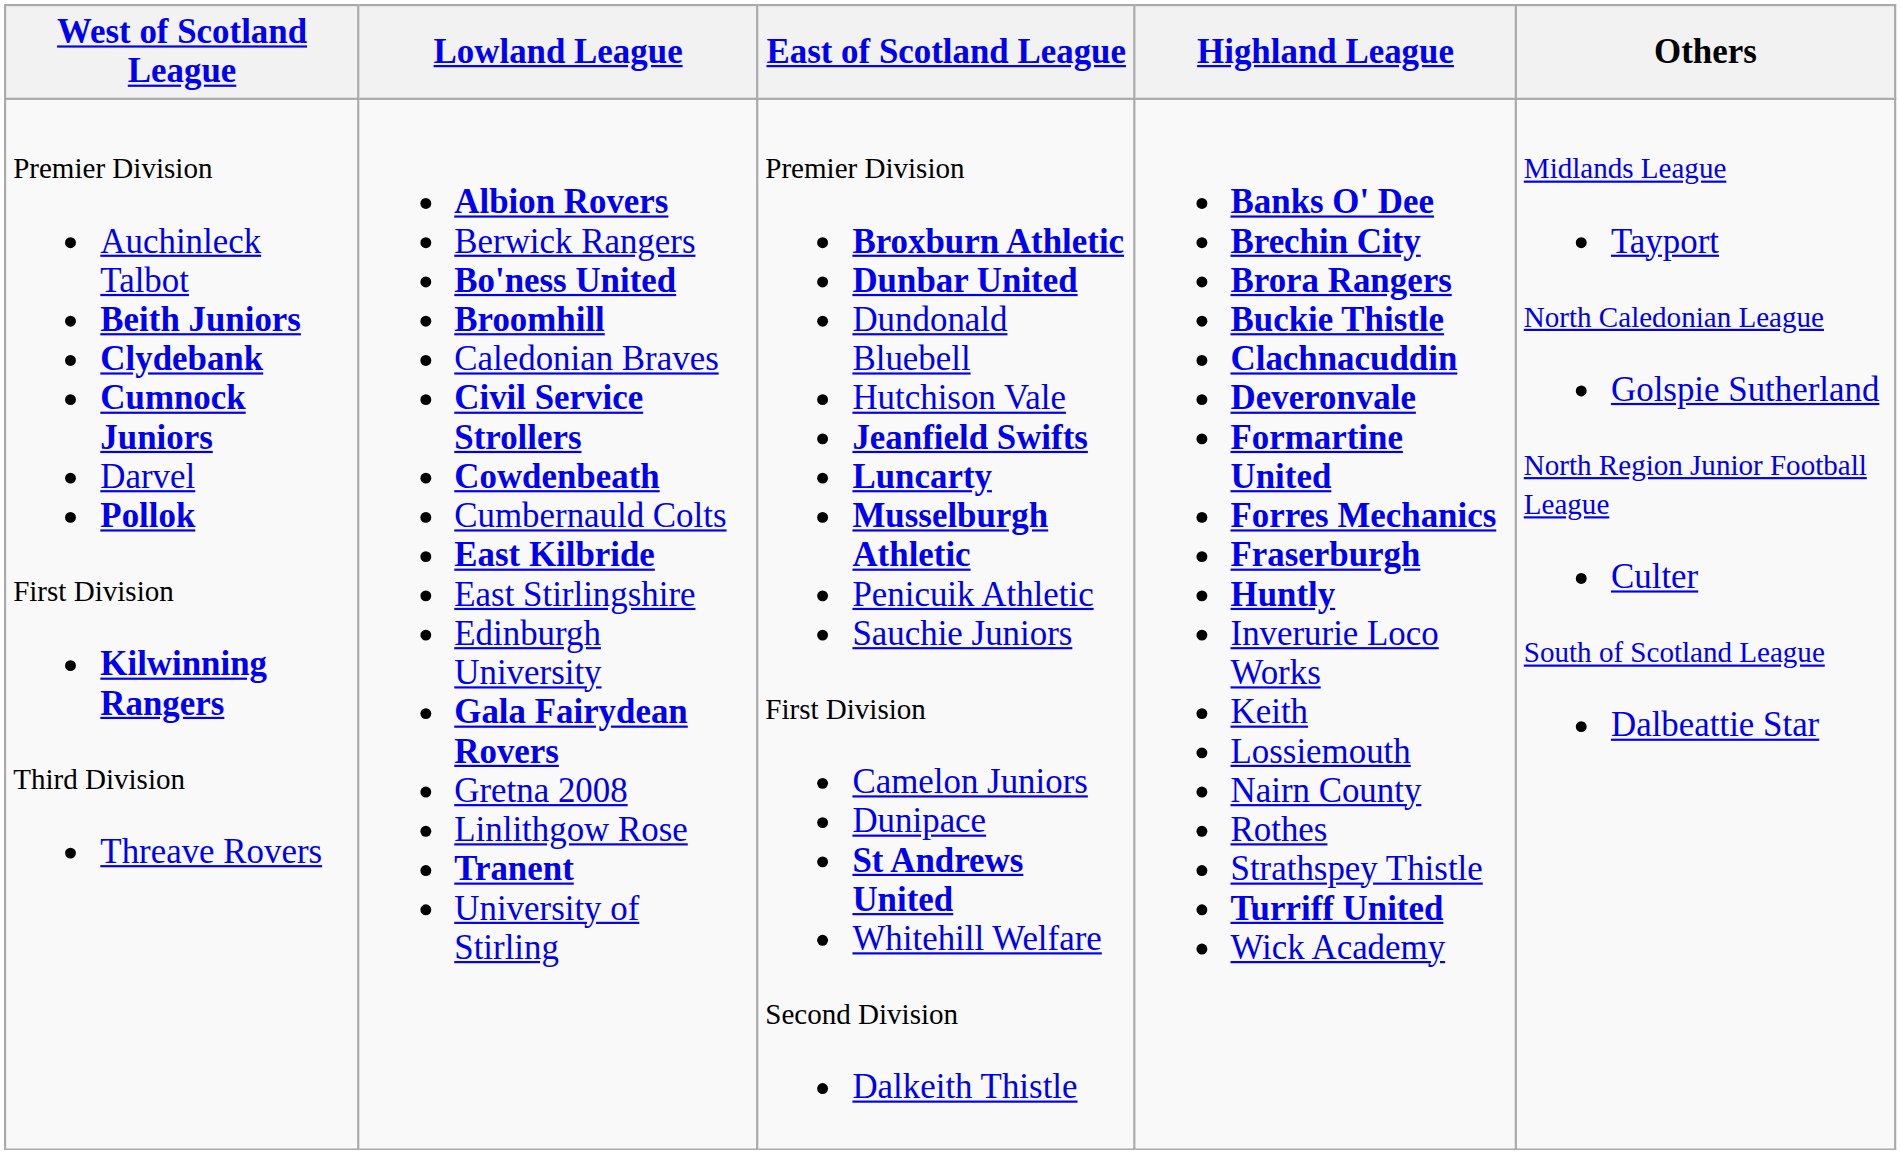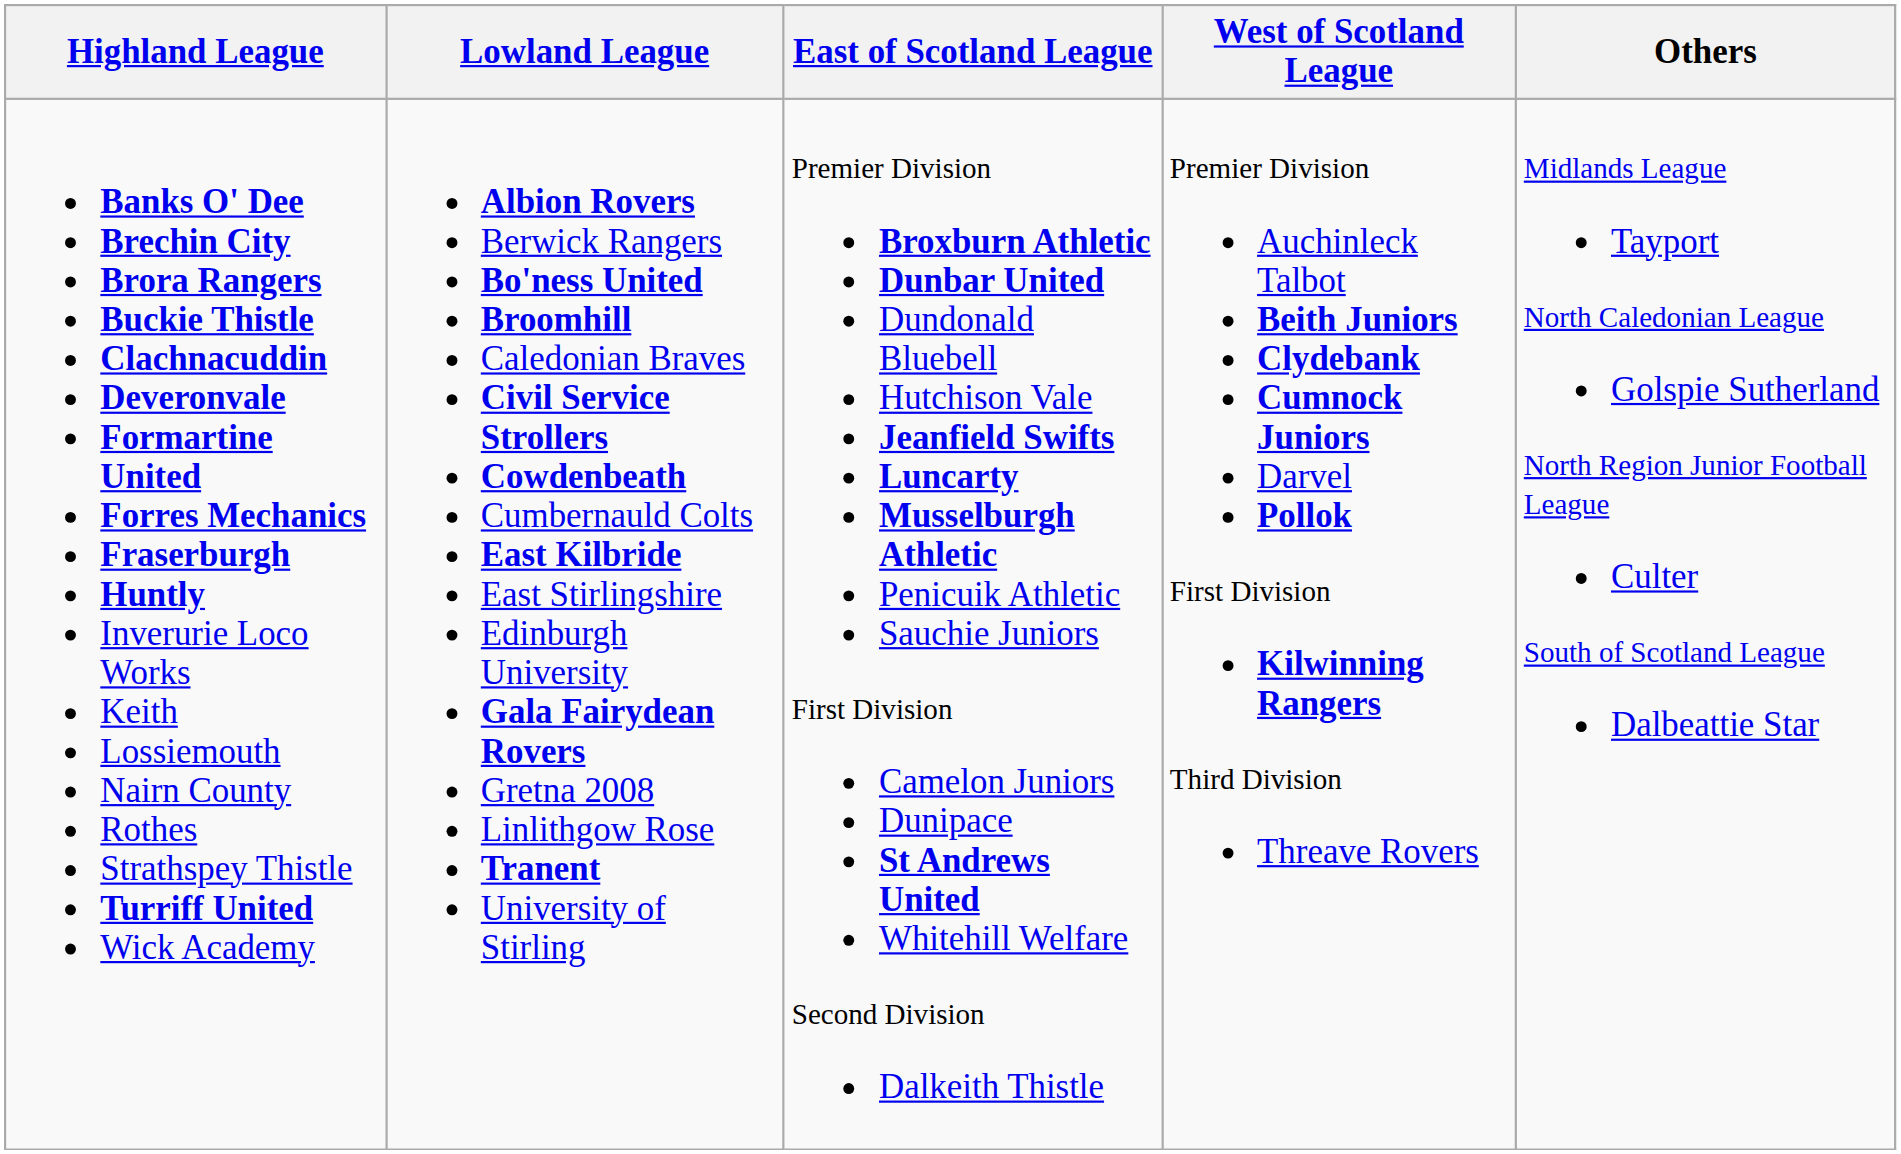 <table class="wikitable" style="text-align:left">
 <tr>
-<th><a href='#'>West of Scotland League</a></th>
+<th><a href='#'>Highland League</a></th>
 <th><a href='#'>Lowland League</a></th>
 <th><a href='#'>East of Scotland League</a></th>
-<th><a href='#'>Highland League</a></th>
+<th><a href='#'>West of Scotland League</a></th>
 <th>Others</th>
 </tr>
 <tr>
-<td valign=top><br><small>Premier Division</small><ul><li><a href='#'>Auchinleck Talbot</a></li><li><strong><a href='#'>Beith Juniors</a></strong></li><li><strong><a href='#'>Clydebank</a></strong></li><li><strong><a href='#'>Cumnock Juniors</a></strong></li><li><a href='#'>Darvel</a></li><li><strong><a href='#'>Pollok</a></strong></li></ul><small>First Division</small><ul><li><strong><a href='#'>Kilwinning Rangers</a></strong></li></ul><small>Third Division</small><ul><li><a href='#'>Threave Rovers</a></li></ul></td>
+<td valign=top><br><ul><li><strong><a href='#'>Banks O' Dee</a></strong></li><li><strong><a href='#'>Brechin City</a></strong></li><li><strong><a href='#'>Brora Rangers</a></strong></li><li><strong><a href='#'>Buckie Thistle</a></strong></li><li><strong><a href='#'>Clachnacuddin</a></strong></li><li><strong><a href='#'>Deveronvale</a></strong></li><li><strong><a href='#'>Formartine United</a></strong></li><li><strong><a href='#'>Forres Mechanics</a></strong></li><li><strong><a href='#'>Fraserburgh</a></strong></li><li><strong><a href='#'>Huntly</a></strong></li><li><a href='#'>Inverurie Loco Works</a></li><li><a href='#'>Keith</a></li><li><a href='#'>Lossiemouth</a></li><li><a href='#'>Nairn County</a></li><li><a href='#'>Rothes</a></li><li><a href='#'>Strathspey Thistle</a></li><li><strong><a href='#'>Turriff United</a></strong></li><li><a href='#'>Wick Academy</a></li></ul></td>
 <td valign=top><br><ul><li><strong><a href='#'>Albion Rovers</a></strong></li><li><a href='#'>Berwick Rangers</a></li><li><strong><a href='#'>Bo'ness United</a></strong></li><li><strong><a href='#'>Broomhill</a></strong></li><li><a href='#'>Caledonian Braves</a></li><li><strong><a href='#'>Civil Service Strollers</a></strong></li><li><strong><a href='#'>Cowdenbeath</a></strong></li><li><a href='#'>Cumbernauld Colts</a></li><li><strong><a href='#'>East Kilbride</a></strong></li><li><a href='#'>East Stirlingshire</a></li><li><a href='#'>Edinburgh University</a></li><li><strong><a href='#'>Gala Fairydean Rovers</a></strong></li><li><a href='#'>Gretna 2008</a></li><li><a href='#'>Linlithgow Rose</a></li><li><strong><a href='#'>Tranent</a></strong></li><li><a href='#'>University of Stirling</a></li></ul></td>
 <td valign=top><br><small>Premier Division</small><ul><li><strong><a href='#'>Broxburn Athletic</a></strong></li><li><strong><a href='#'>Dunbar United</a></strong></li><li><a href='#'>Dundonald Bluebell</a></li><li><a href='#'>Hutchison Vale</a></li><li><strong><a href='#'>Jeanfield Swifts</a></strong></li><li><strong><a href='#'>Luncarty</a></strong></li><li><strong><a href='#'>Musselburgh Athletic</a></strong></li><li><a href='#'>Penicuik Athletic</a></li><li><a href='#'>Sauchie Juniors</a></li></ul><small>First Division</small><ul><li><a href='#'>Camelon Juniors</a></li><li><a href='#'>Dunipace</a></li><li><strong><a href='#'>St Andrews United</a></strong></li><li><a href='#'>Whitehill Welfare</a></li></ul><small>Second Division</small><ul><li><a href='#'>Dalkeith Thistle</a></li></ul></td>
-<td valign=top><br><ul><li><strong><a href='#'>Banks O' Dee</a></strong></li><li><strong><a href='#'>Brechin City</a></strong></li><li><strong><a href='#'>Brora Rangers</a></strong></li><li><strong><a href='#'>Buckie Thistle</a></strong></li><li><strong><a href='#'>Clachnacuddin</a></strong></li><li><strong><a href='#'>Deveronvale</a></strong></li><li><strong><a href='#'>Formartine United</a></strong></li><li><strong><a href='#'>Forres Mechanics</a></strong></li><li><strong><a href='#'>Fraserburgh</a></strong></li><li><strong><a href='#'>Huntly</a></strong></li><li><a href='#'>Inverurie Loco Works</a></li><li><a href='#'>Keith</a></li><li><a href='#'>Lossiemouth</a></li><li><a href='#'>Nairn County</a></li><li><a href='#'>Rothes</a></li><li><a href='#'>Strathspey Thistle</a></li><li><strong><a href='#'>Turriff United</a></strong></li><li><a href='#'>Wick Academy</a></li></ul></td>
+<td valign=top><br><small>Premier Division</small><ul><li><a href='#'>Auchinleck Talbot</a></li><li><strong><a href='#'>Beith Juniors</a></strong></li><li><strong><a href='#'>Clydebank</a></strong></li><li><strong><a href='#'>Cumnock Juniors</a></strong></li><li><a href='#'>Darvel</a></li><li><strong><a href='#'>Pollok</a></strong></li></ul><small>First Division</small><ul><li><strong><a href='#'>Kilwinning Rangers</a></strong></li></ul><small>Third Division</small><ul><li><a href='#'>Threave Rovers</a></li></ul></td>
 <td valign=top><br><small><a href='#'>Midlands League</a></small><ul><li><a href='#'>Tayport</a></li></ul><small><a href='#'>North Caledonian League</a></small><ul><li><a href='#'>Golspie Sutherland</a></li></ul><small><a href='#'>North Region Junior Football League</a></small><ul><li><a href='#'>Culter</a></li></ul><small><a href='#'>South of Scotland League</a></small><ul><li><a href='#'>Dalbeattie Star</a></li></ul></td>
 </tr>
 </table>
